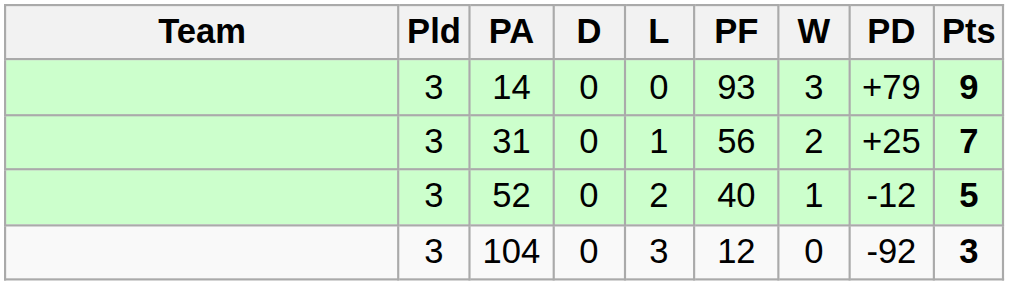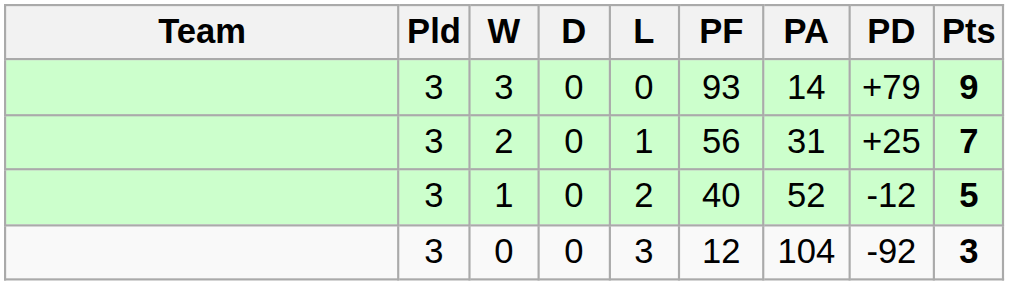 <table class="wikitable" style="text-align:center;">
 <tr>
 <th width=175>Team</th>
 <th width=25 abbr="Played">Pld</th>
-<th width=32 abbr="Points against">PA</th>
+<th width=25 abbr="Won">W</th>
 <th width=25 abbr="Drawn">D</th>
 <th width=25 abbr="Lost">L</th>
 <th width=32 abbr="Points for">PF</th>
-<th width=25 abbr="Won">W</th>
+<th width=32 abbr="Points against">PA</th>
 <th width=32 abbr="Points difference">PD</th>
 <th width=25 abbr="Points">Pts</th>
 </tr>
 <tr bgcolor=ccffcc>
 <td align=left></td>
 <td>3</td>
-<td>14</td>
+<td>3</td>
 <td>0</td>
 <td>0</td>
 <td>93</td>
-<td>3</td>
+<td>14</td>
 <td>+79</td>
 <td><strong>9</strong></td>
 </tr>
 <tr bgcolor=ccffcc>
 <td align=left></td>
 <td>3</td>
-<td>31</td>
+<td>2</td>
 <td>0</td>
 <td>1</td>
 <td>56</td>
-<td>2</td>
+<td>31</td>
 <td>+25</td>
 <td><strong>7</strong></td>
 </tr>
 <tr bgcolor=ccffcc>
 <td align=left></td>
 <td>3</td>
-<td>52</td>
+<td>1</td>
 <td>0</td>
 <td>2</td>
 <td>40</td>
-<td>1</td>
+<td>52</td>
 <td>-12</td>
 <td><strong>5</strong></td>
 </tr>
 <tr>
 <td align=left></td>
 <td>3</td>
-<td>104</td>
+<td>0</td>
 <td>0</td>
 <td>3</td>
 <td>12</td>
-<td>0</td>
+<td>104</td>
 <td>-92</td>
 <td><strong>3</strong></td>
 </tr>
 </table>
